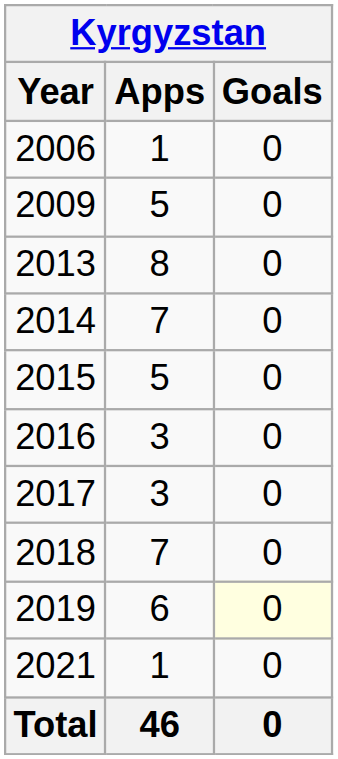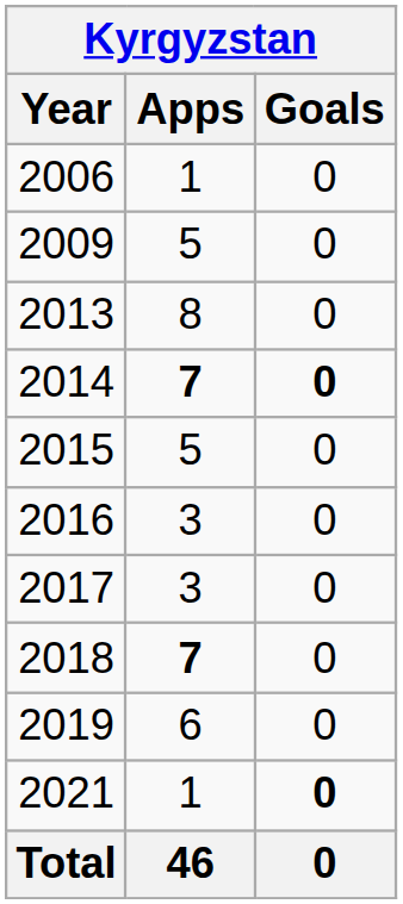 <table class="wikitable" style="text-align:center">
 <tr>
 <th colspan=3><a href='#'>Kyrgyzstan</a></th>
 </tr>
 <tr>
 <th>Year</th>
 <th>Apps</th>
 <th>Goals</th>
 </tr>
 <tr>
 <td>2006</td>
 <td>1</td>
 <td>0</td>
 </tr>
 <tr>
 <td>2009</td>
 <td>5</td>
 <td>0</td>
 </tr>
 <tr>
 <td>2013</td>
 <td>8</td>
 <td>0</td>
 </tr>
 <tr>
 <td>2014</td>
-<td>7</td>
-<td>0</td>
+<td><strong>7</strong></td>
+<td><strong>0</strong></td>
 </tr>
 <tr>
 <td>2015</td>
 <td>5</td>
 <td>0</td>
 </tr>
 <tr>
 <td>2016</td>
 <td>3</td>
 <td>0</td>
 </tr>
 <tr>
 <td>2017</td>
 <td>3</td>
 <td>0</td>
 </tr>
 <tr>
 <td>2018</td>
-<td>7</td>
+<td><strong>7</strong></td>
 <td>0</td>
 </tr>
 <tr>
 <td>2019</td>
 <td>6</td>
-<td style="background: lightyellow;">0</td>
+<td>0</td>
 </tr>
 <tr>
 <td>2021</td>
 <td>1</td>
-<td>0</td>
+<td><strong>0</strong></td>
 </tr>
 <tr>
 <th>Total</th>
 <th>46</th>
 <th>0</th>
 </tr>
 </table>
